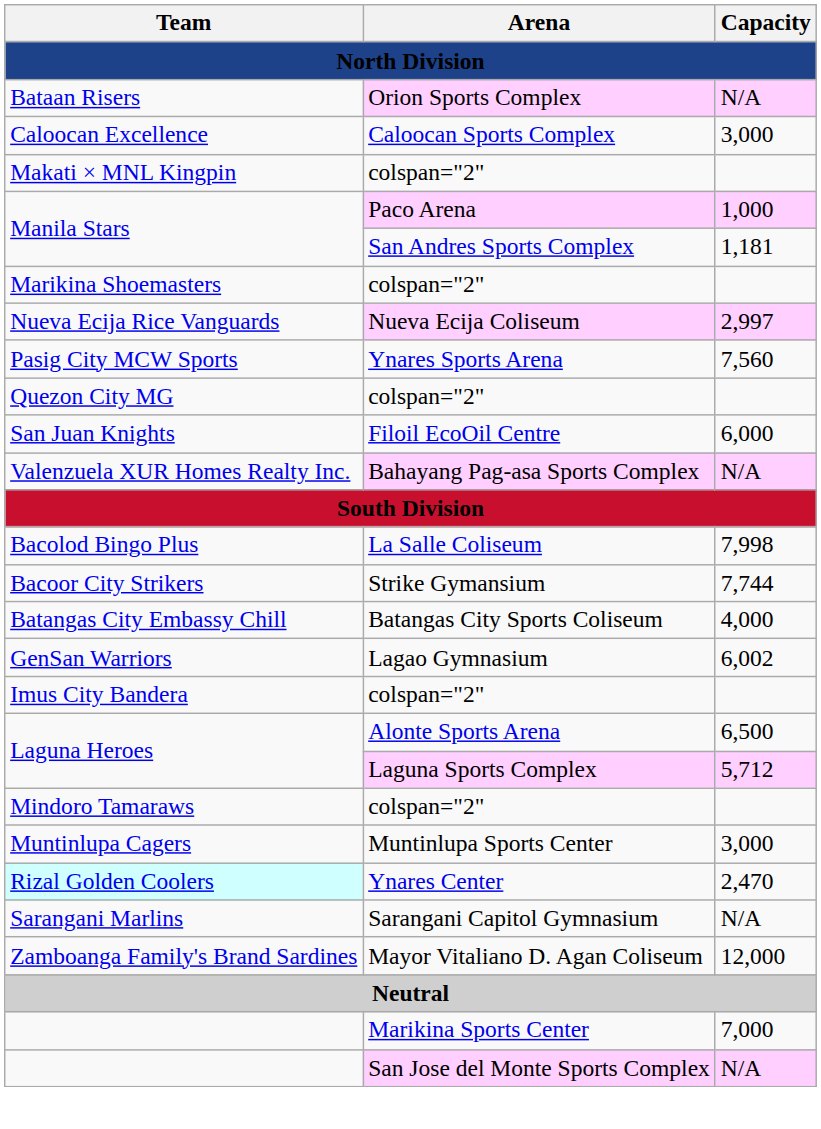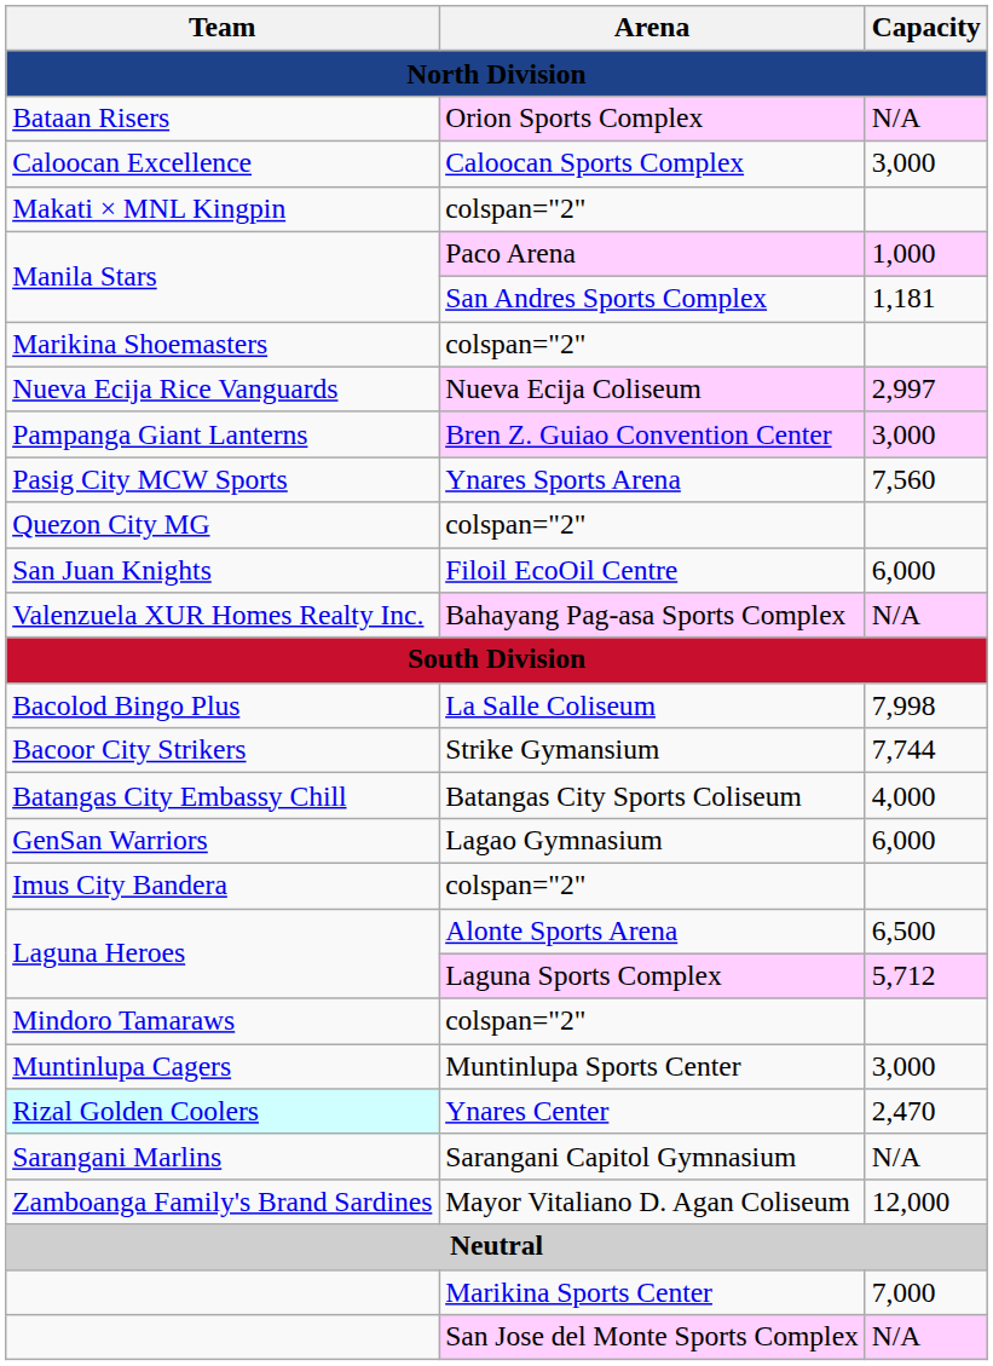 <table class="wikitable">
 <tr>
 <th>Team</th>
 <th>Arena</th>
 <th>Capacity</th>
 </tr>
 <tr>
 <th colspan="3" style="background:#1D428A;"><span>North Division</span></th>
 </tr>
 <tr>
 <td><a href='#'>Bataan Risers</a></td>
 <td style="background:#FFCFFF;">Orion Sports Complex</td>
 <td style="background:#FFCFFF;">N/A</td>
 </tr>
 <tr>
 <td><a href='#'>Caloocan Excellence</a></td>
 <td><a href='#'>Caloocan Sports Complex</a></td>
 <td>3,000</td>
 </tr>
 <tr>
 <td><a href='#'>Makati × MNL Kingpin</a></td>
 <td>colspan="2" </td>
 </tr>
 <tr>
 <td rowspan="2"><a href='#'>Manila Stars</a></td>
 <td style="background:#FFCFFF;">Paco Arena</td>
 <td style="background:#FFCFFF;">1,000</td>
 </tr>
 <tr>
 <td><a href='#'>San Andres Sports Complex</a></td>
 <td>1,181</td>
 </tr>
 <tr>
 <td><a href='#'>Marikina Shoemasters</a></td>
 <td>colspan="2" </td>
 </tr>
 <tr>
 <td><a href='#'>Nueva Ecija Rice Vanguards</a></td>
 <td style="background:#FFCFFF;">Nueva Ecija Coliseum</td>
 <td style="background:#FFCFFF;">2,997</td>
 </tr>
 <tr>
+<td><a href='#'>Pampanga Giant Lanterns</a></td>
+<td style="background:#FFCFFF;"><a href='#'>Bren Z. Guiao Convention Center</a></td>
+<td style="background:#FFCFFF;">3,000</td>
+</tr>
+<tr>
 <td><a href='#'>Pasig City MCW Sports</a></td>
 <td><a href='#'>Ynares Sports Arena</a></td>
 <td>7,560</td>
 </tr>
 <tr>
 <td><a href='#'>Quezon City MG</a></td>
 <td>colspan="2" </td>
 </tr>
 <tr>
 <td><a href='#'>San Juan Knights</a></td>
 <td><a href='#'>Filoil EcoOil Centre</a></td>
 <td>6,000</td>
 </tr>
 <tr>
 <td><a href='#'>Valenzuela XUR Homes Realty Inc.</a></td>
 <td style="background:#FFCFFF;">Bahayang Pag-asa Sports Complex</td>
 <td style="background:#FFCFFF;">N/A</td>
 </tr>
 <tr>
 <th colspan="3" style="background:#C8102E;"><span>South Division</span></th>
 </tr>
 <tr>
 <td><a href='#'>Bacolod Bingo Plus</a></td>
 <td><a href='#'>La Salle Coliseum</a></td>
 <td>7,998</td>
 </tr>
 <tr>
 <td><a href='#'>Bacoor City Strikers</a></td>
 <td>Strike Gymansium</td>
 <td>7,744</td>
 </tr>
 <tr>
 <td><a href='#'>Batangas City Embassy Chill</a></td>
 <td>Batangas City Sports Coliseum</td>
 <td>4,000</td>
 </tr>
 <tr>
 <td><a href='#'>GenSan Warriors</a></td>
 <td>Lagao Gymnasium</td>
-<td>6,002</td>
+<td>6,000</td>
 </tr>
 <tr>
 <td><a href='#'>Imus City Bandera</a></td>
 <td>colspan="2" </td>
 </tr>
 <tr>
 <td rowspan="2"><a href='#'>Laguna Heroes</a></td>
 <td><a href='#'>Alonte Sports Arena</a></td>
 <td>6,500</td>
 </tr>
 <tr>
 <td style="background:#FFCFFF;">Laguna Sports Complex</td>
 <td style="background:#FFCFFF;">5,712</td>
 </tr>
 <tr>
 <td><a href='#'>Mindoro Tamaraws</a></td>
 <td>colspan="2" </td>
 </tr>
 <tr>
 <td><a href='#'>Muntinlupa Cagers</a></td>
 <td>Muntinlupa Sports Center</td>
 <td>3,000</td>
 </tr>
 <tr>
 <td style="background:#CFFFFF;"><a href='#'>Rizal Golden Coolers</a></td>
 <td><a href='#'>Ynares Center</a></td>
 <td>2,470</td>
 </tr>
 <tr>
 <td><a href='#'>Sarangani Marlins</a></td>
 <td>Sarangani Capitol Gymnasium</td>
 <td>N/A</td>
 </tr>
 <tr>
 <td><a href='#'>Zamboanga Family's Brand Sardines</a></td>
 <td>Mayor Vitaliano D. Agan Coliseum</td>
 <td>12,000</td>
 </tr>
 <tr>
 <th colspan="3" style="background:#CFCFCF;">Neutral</th>
 </tr>
 <tr>
 <td></td>
 <td><a href='#'>Marikina Sports Center</a></td>
 <td>7,000</td>
 </tr>
 <tr>
 <td></td>
 <td style="background:#FFCFFF;">San Jose del Monte Sports Complex</td>
 <td style="background:#FFCFFF;">N/A</td>
 </tr>
 </table>
